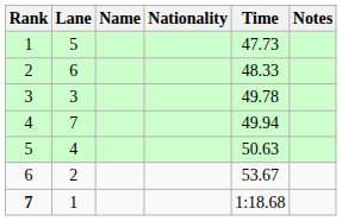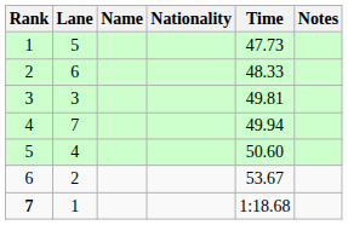 <table class="wikitable sortable" style="text-align:center">
 <tr>
 <th>Rank</th>
 <th>Lane</th>
 <th>Name</th>
 <th>Nationality</th>
 <th>Time</th>
 <th>Notes</th>
 </tr>
 <tr bgcolor=ccffcc>
 <td>1</td>
 <td>5</td>
 <td align=left></td>
 <td align=left></td>
 <td>47.73</td>
 <td><strong></strong></td>
 </tr>
 <tr bgcolor=ccffcc>
 <td>2</td>
 <td>6</td>
 <td align=left></td>
 <td align=left></td>
 <td>48.33</td>
 <td><strong></strong></td>
 </tr>
 <tr bgcolor=ccffcc>
 <td>3</td>
 <td>3</td>
 <td align=left></td>
 <td align=left></td>
-<td>49.78</td>
+<td>49.81</td>
 <td><strong></strong></td>
 </tr>
 <tr bgcolor=ccffcc>
 <td>4</td>
 <td>7</td>
 <td align=left></td>
 <td align=left></td>
 <td>49.94</td>
 <td><strong></strong></td>
 </tr>
 <tr bgcolor=ccffcc>
 <td>5</td>
 <td>4</td>
 <td align=left></td>
 <td align=left></td>
-<td>50.63</td>
+<td>50.60</td>
 <td><strong></strong></td>
 </tr>
 <tr>
 <td>6</td>
 <td>2</td>
 <td align=left></td>
 <td align=left></td>
 <td>53.67</td>
 <td><strong></strong></td>
 </tr>
 <tr>
 <td><strong>7</strong></td>
 <td>1</td>
 <td align=left></td>
 <td align=left></td>
 <td>1:18.68</td>
 <td></td>
 </tr>
 </table>
